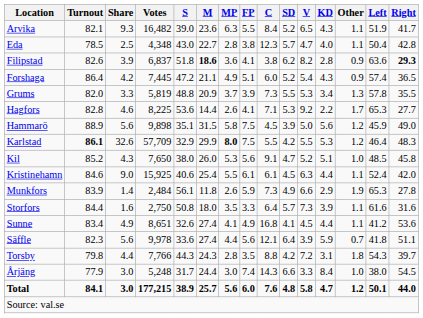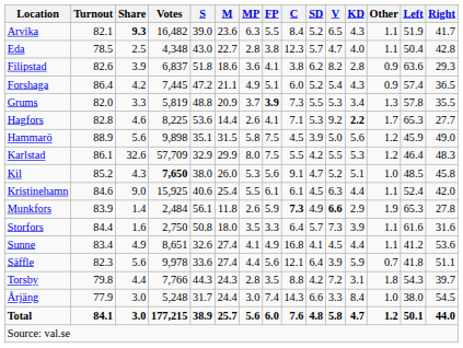 <table class="wikitable sortable" style=text-align:right>
 <tr>
 <th>Location</th>
 <th>Turnout</th>
 <th>Share</th>
 <th>Votes</th>
 <th><a href='#'>S</a></th>
 <th><a href='#'>M</a></th>
 <th><a href='#'>MP</a></th>
 <th><a href='#'>FP</a></th>
 <th><a href='#'>C</a></th>
 <th><a href='#'>SD</a></th>
 <th><a href='#'>V</a></th>
 <th><a href='#'>KD</a></th>
 <th>Other</th>
 <th><a href='#'>Left</a></th>
 <th><a href='#'>Right</a></th>
 </tr>
 <tr>
 <td align=left><a href='#'>Arvika</a></td>
 <td>82.1</td>
-<td>9.3</td>
+<td><strong>9.3</strong></td>
 <td>16,482</td>
 <td>39.0</td>
 <td>23.6</td>
 <td>6.3</td>
 <td>5.5</td>
 <td>8.4</td>
 <td>5.2</td>
 <td>6.5</td>
 <td>4.3</td>
 <td>1.1</td>
 <td>51.9</td>
 <td>41.7</td>
 </tr>
 <tr>
 <td align=left><a href='#'>Eda</a></td>
 <td>78.5</td>
 <td>2.5</td>
 <td>4,348</td>
 <td>43.0</td>
 <td>22.7</td>
 <td>2.8</td>
 <td>3.8</td>
 <td>12.3</td>
 <td>5.7</td>
 <td>4.7</td>
 <td>4.0</td>
 <td>1.1</td>
 <td>50.4</td>
 <td>42.8</td>
 </tr>
 <tr>
 <td align=left><a href='#'>Filipstad</a></td>
 <td>82.6</td>
 <td>3.9</td>
 <td>6,837</td>
 <td>51.8</td>
-<td><strong>18.6</strong></td>
+<td>18.6</td>
 <td>3.6</td>
 <td>4.1</td>
 <td>3.8</td>
 <td>6.2</td>
 <td>8.2</td>
 <td>2.8</td>
 <td>0.9</td>
 <td>63.6</td>
-<td><strong>29.3</strong></td>
+<td>29.3</td>
 </tr>
 <tr>
 <td align=left><a href='#'>Forshaga</a></td>
 <td>86.4</td>
 <td>4.2</td>
 <td>7,445</td>
 <td>47.2</td>
 <td>21.1</td>
 <td>4.9</td>
 <td>5.1</td>
 <td>6.0</td>
 <td>5.2</td>
 <td>5.4</td>
 <td>4.3</td>
 <td>0.9</td>
 <td>57.4</td>
 <td>36.5</td>
 </tr>
 <tr>
 <td align=left><a href='#'>Grums</a></td>
 <td>82.0</td>
 <td>3.3</td>
 <td>5,819</td>
 <td>48.8</td>
 <td>20.9</td>
 <td>3.7</td>
-<td>3.9</td>
+<td><strong>3.9</strong></td>
 <td>7.3</td>
 <td>5.5</td>
 <td>5.3</td>
 <td>3.4</td>
 <td>1.3</td>
 <td>57.8</td>
 <td>35.5</td>
 </tr>
 <tr>
 <td align=left><a href='#'>Hagfors</a></td>
 <td>82.8</td>
 <td>4.6</td>
 <td>8,225</td>
 <td>53.6</td>
 <td>14.4</td>
 <td>2.6</td>
 <td>4.1</td>
 <td>7.1</td>
 <td>5.3</td>
 <td>9.2</td>
-<td>2.2</td>
+<td><strong>2.2</strong></td>
 <td>1.7</td>
 <td>65.3</td>
 <td>27.7</td>
 </tr>
 <tr>
 <td align=left><a href='#'>Hammarö</a></td>
 <td>88.9</td>
 <td>5.6</td>
 <td>9,898</td>
 <td>35.1</td>
 <td>31.5</td>
 <td>5.8</td>
 <td>7.5</td>
 <td>4.5</td>
 <td>3.9</td>
 <td>5.0</td>
 <td>5.6</td>
 <td>1.2</td>
 <td>45.9</td>
 <td>49.0</td>
 </tr>
 <tr>
 <td align=left><a href='#'>Karlstad</a></td>
-<td><strong>86.1</strong></td>
+<td>86.1</td>
 <td>32.6</td>
 <td>57,709</td>
 <td>32.9</td>
 <td>29.9</td>
-<td><strong>8.0</strong></td>
+<td>8.0</td>
 <td>7.5</td>
 <td>5.5</td>
 <td>4.2</td>
 <td>5.5</td>
 <td>5.3</td>
 <td>1.2</td>
 <td>46.4</td>
 <td>48.3</td>
 </tr>
 <tr>
 <td align=left><a href='#'>Kil</a></td>
 <td>85.2</td>
 <td>4.3</td>
-<td>7,650</td>
+<td><strong>7,650</strong></td>
 <td>38.0</td>
 <td>26.0</td>
 <td>5.3</td>
 <td>5.6</td>
 <td>9.1</td>
 <td>4.7</td>
 <td>5.2</td>
 <td>5.1</td>
 <td>1.0</td>
 <td>48.5</td>
 <td>45.8</td>
 </tr>
 <tr>
 <td align=left><a href='#'>Kristinehamn</a></td>
 <td>84.6</td>
 <td>9.0</td>
 <td>15,925</td>
 <td>40.6</td>
 <td>25.4</td>
 <td>5.5</td>
 <td>6.1</td>
 <td>6.1</td>
 <td>4.5</td>
 <td>6.3</td>
 <td>4.4</td>
 <td>1.1</td>
 <td>52.4</td>
 <td>42.0</td>
 </tr>
 <tr>
 <td align=left><a href='#'>Munkfors</a></td>
 <td>83.9</td>
 <td>1.4</td>
 <td>2,484</td>
 <td>56.1</td>
 <td>11.8</td>
 <td>2.6</td>
 <td>5.9</td>
-<td>7.3</td>
+<td><strong>7.3</strong></td>
 <td>4.9</td>
-<td>6.6</td>
+<td><strong>6.6</strong></td>
 <td>2.9</td>
 <td>1.9</td>
 <td>65.3</td>
 <td>27.8</td>
 </tr>
 <tr>
 <td align=left><a href='#'>Storfors</a></td>
 <td>84.4</td>
 <td>1.6</td>
 <td>2,750</td>
 <td>50.8</td>
 <td>18.0</td>
 <td>3.5</td>
 <td>3.3</td>
 <td>6.4</td>
 <td>5.7</td>
 <td>7.3</td>
 <td>3.9</td>
 <td>1.1</td>
 <td>61.6</td>
 <td>31.6</td>
 </tr>
 <tr>
 <td align=left><a href='#'>Sunne</a></td>
 <td>83.4</td>
 <td>4.9</td>
 <td>8,651</td>
 <td>32.6</td>
 <td>27.4</td>
 <td>4.1</td>
 <td>4.9</td>
 <td>16.8</td>
 <td>4.1</td>
 <td>4.5</td>
 <td>4.4</td>
 <td>1.1</td>
 <td>41.2</td>
 <td>53.6</td>
 </tr>
 <tr>
 <td align=left><a href='#'>Säffle</a></td>
 <td>82.3</td>
 <td>5.6</td>
 <td>9,978</td>
 <td>33.6</td>
 <td>27.4</td>
 <td>4.4</td>
 <td>5.6</td>
 <td>12.1</td>
 <td>6.4</td>
 <td>3.9</td>
 <td>5.9</td>
 <td>0.7</td>
 <td>41.8</td>
 <td>51.1</td>
 </tr>
 <tr>
 <td align=left><a href='#'>Torsby</a></td>
 <td>79.8</td>
 <td>4.4</td>
 <td>7,766</td>
 <td>44.3</td>
 <td>24.3</td>
 <td>2.8</td>
 <td>3.5</td>
 <td>8.8</td>
 <td>4.2</td>
 <td>7.2</td>
 <td>3.1</td>
 <td>1.8</td>
 <td>54.3</td>
 <td>39.7</td>
 </tr>
 <tr>
 <td align=left><a href='#'>Årjäng</a></td>
 <td>77.9</td>
 <td>3.0</td>
 <td>5,248</td>
 <td>31.7</td>
 <td>24.4</td>
 <td>3.0</td>
 <td>7.4</td>
 <td>14.3</td>
 <td>6.6</td>
 <td>3.3</td>
 <td>8.4</td>
 <td>1.0</td>
 <td>38.0</td>
 <td>54.5</td>
 </tr>
 <tr>
 <td align=left><strong>Total</strong></td>
 <td><strong>84.1</strong></td>
 <td><strong>3.0</strong></td>
 <td><strong>177,215</strong></td>
 <td><strong>38.9</strong></td>
 <td><strong>25.7</strong></td>
 <td><strong>5.6</strong></td>
 <td><strong>6.0</strong></td>
 <td><strong>7.6</strong></td>
 <td><strong>4.8</strong></td>
 <td><strong>5.8</strong></td>
 <td><strong>4.7</strong></td>
 <td><strong>1.2</strong></td>
 <td><strong>50.1</strong></td>
 <td><strong>44.0</strong></td>
 </tr>
 <tr>
 <td align=left colspan=15>Source: val.se </td>
 </tr>
 </table>
